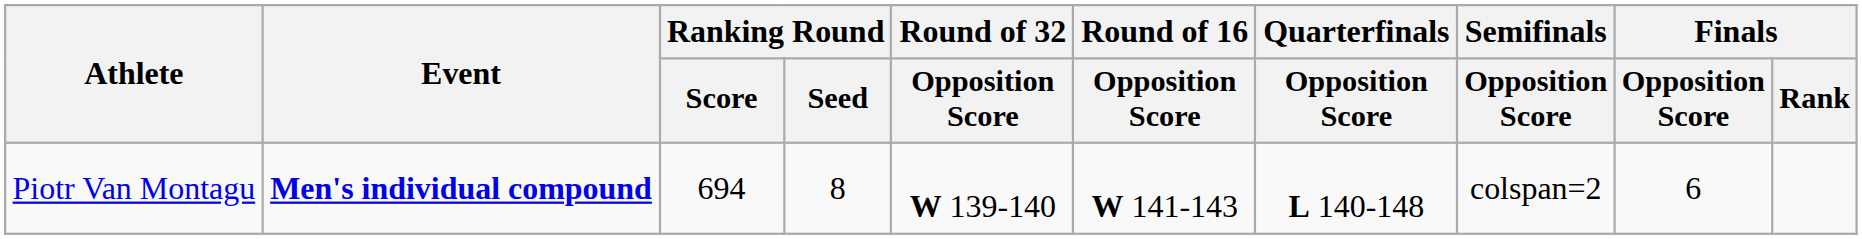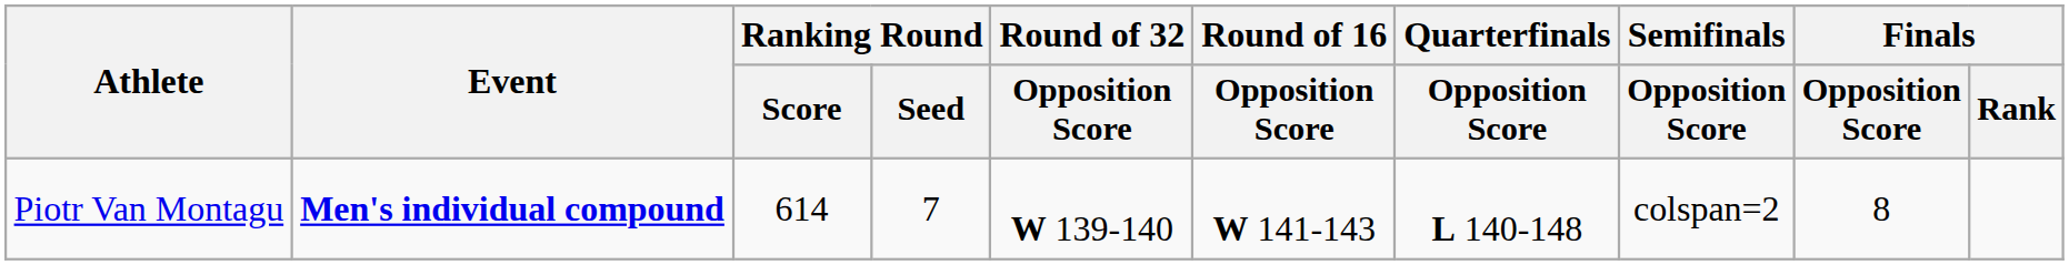 <table class="wikitable" style="text-align: center; font-size:90%">
 <tr>
 <th rowspan="2">Athlete</th>
 <th rowspan="2">Event</th>
 <th colspan="2">Ranking Round</th>
 <th>Round of 32</th>
 <th>Round of 16</th>
 <th>Quarterfinals</th>
 <th>Semifinals</th>
 <th colspan="2">Finals</th>
 </tr>
 <tr style="font-size:95%">
 <th>Score</th>
 <th>Seed</th>
 <th>Opposition<br>Score</th>
 <th>Opposition<br>Score</th>
 <th>Opposition<br>Score</th>
 <th>Opposition<br>Score</th>
 <th>Opposition<br>Score</th>
 <th>Rank</th>
 </tr>
 <tr>
 <td align=left><a href='#'>Piotr Van Montagu</a></td>
 <td align=left><strong><a href='#'>Men's individual compound</a></strong></td>
-<td>694</td>
-<td>8</td>
+<td>614</td>
+<td>7</td>
 <td align=center><br><strong>W</strong> 139-140</td>
 <td align=center><br><strong>W</strong> 141-143</td>
 <td align=center><br><strong>L</strong> 140-148</td>
 <td>colspan=2 </td>
-<td>6</td>
+<td>8</td>
 </tr>
 </table>
